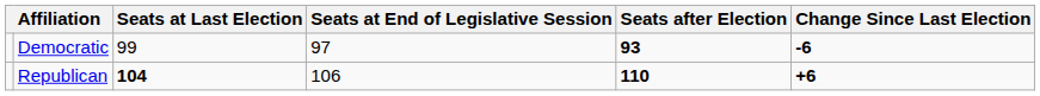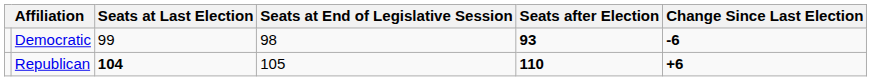 <table class="wikitable">
 <tr>
 <th colspan="2">Affiliation</th>
 <th>Seats at Last Election</th>
 <th>Seats at End of Legislative Session</th>
 <th>Seats after Election</th>
 <th>Change Since Last Election</th>
 </tr>
 <tr>
 <td style="background-color:"></td>
 <td><a href='#'>Democratic</a></td>
 <td>99</td>
-<td>97</td>
+<td>98</td>
 <td><strong>93</strong></td>
 <td><strong>-6</strong></td>
 </tr>
 <tr>
 <td style="background-color:"></td>
 <td><a href='#'>Republican</a></td>
 <td><strong>104</strong></td>
-<td>106</td>
+<td>105</td>
 <td><strong>110</strong></td>
 <td><strong>+6</strong></td>
 </tr>
 </table>
